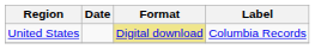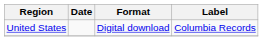 <table class=wikitable>
 <tr>
 <th>Region</th>
 <th>Date</th>
 <th>Format</th>
 <th>Label</th>
 </tr>
 <tr>
 <td><a href='#'>United States</a></td>
 <td></td>
-<td style="background: khaki;"><a href='#'>Digital download</a></td>
+<td><a href='#'>Digital download</a></td>
 <td><a href='#'>Columbia Records</a></td>
 </tr>
 <tr>
 </tr>
 </table>
